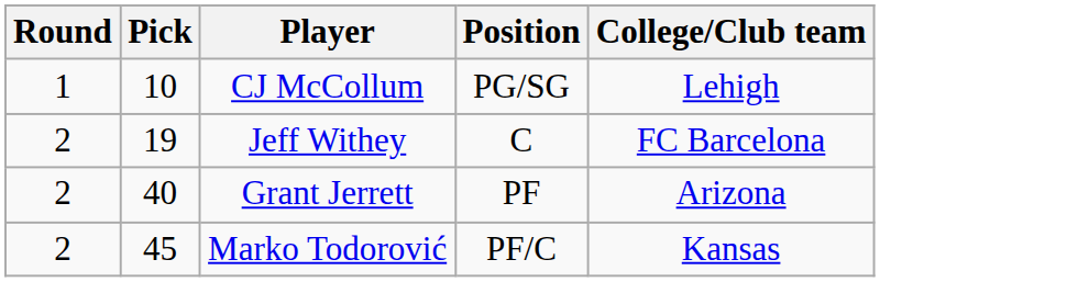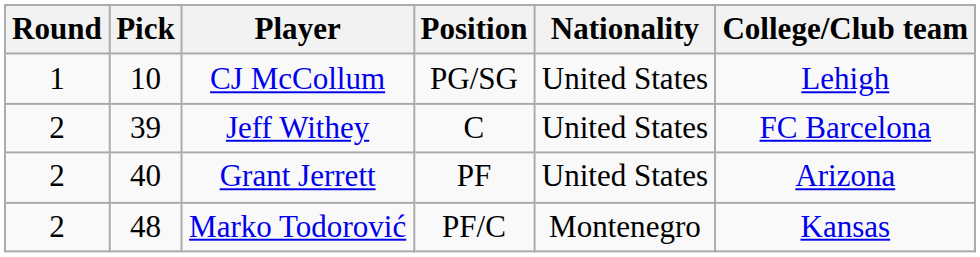 <table class="wikitable sortable sortable">
 <tr>
 <th>Round</th>
 <th>Pick</th>
 <th>Player</th>
 <th>Position</th>
+<th>Nationality</th>
 <th>College/Club team</th>
 </tr>
 <tr style="text-align: center">
 <td>1</td>
 <td>10</td>
 <td><a href='#'>CJ McCollum</a></td>
 <td>PG/SG</td>
+<td>United States</td>
 <td><a href='#'>Lehigh</a></td>
 </tr>
 <tr style="text-align: center">
 <td>2</td>
-<td>19</td>
+<td>39</td>
 <td><a href='#'>Jeff Withey</a></td>
 <td>C</td>
+<td>United States</td>
 <td><a href='#'>FC Barcelona</a></td>
 </tr>
 <tr style="text-align: center">
 <td>2</td>
 <td>40</td>
 <td><a href='#'>Grant Jerrett</a></td>
 <td>PF</td>
+<td>United States</td>
 <td><a href='#'>Arizona</a></td>
 </tr>
 <tr style="text-align: center">
 <td>2</td>
-<td>45</td>
+<td>48</td>
 <td><a href='#'>Marko Todorović</a></td>
 <td>PF/C</td>
+<td>Montenegro</td>
 <td><a href='#'>Kansas</a></td>
 </tr>
 </table>
